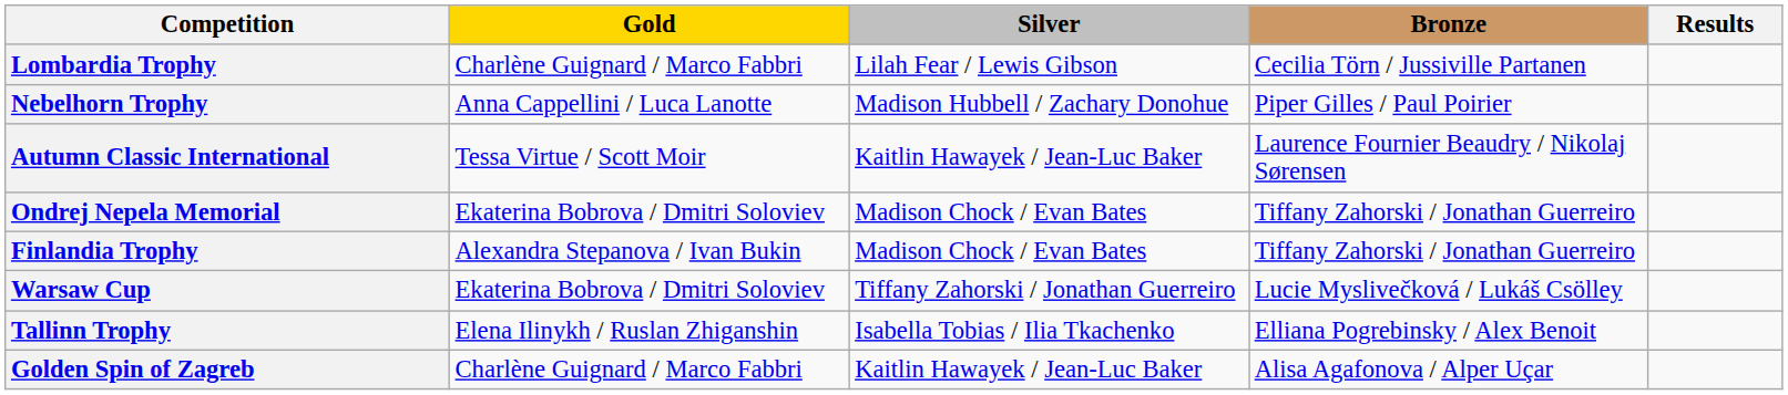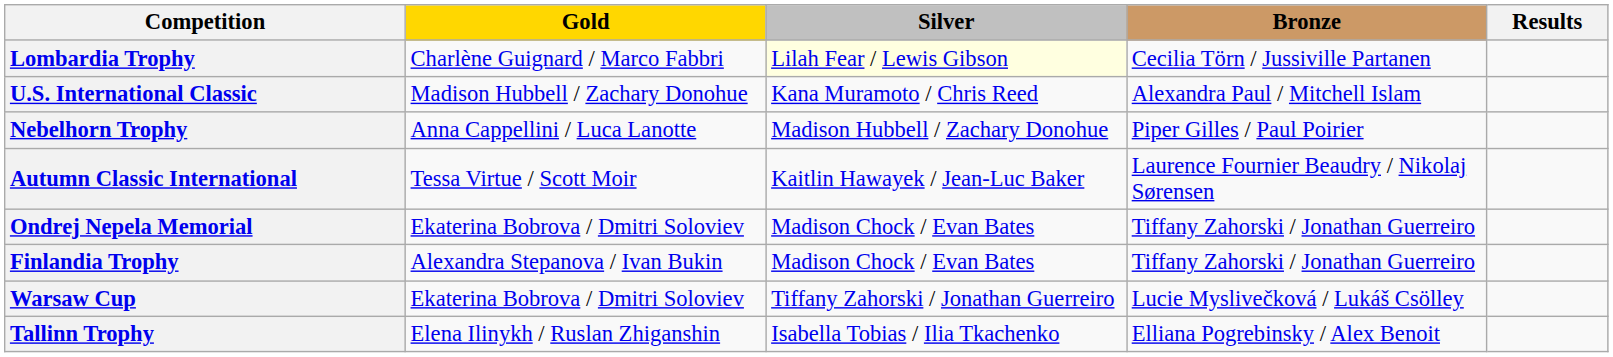 <table class="wikitable unsortable" style="text-align:left; width:90%;">
 <tr>
 <th scope="col" style="text-align:center; width:25%;">Competition</th>
 <td scope="col" style="text-align:center; width:22.5%; background:gold"><strong>Gold</strong></td>
 <td scope="col" style="text-align:center; width:22.5%; background:silver"><strong>Silver</strong></td>
 <td scope="col" style="text-align:center; width:22.5%; background:#c96"><strong>Bronze</strong></td>
 <th scope="col" style="text-align:center; width:7.5%;">Results</th>
 </tr>
 <tr>
 <th scope="row" style="text-align:left"> <a href='#'>Lombardia Trophy</a></th>
 <td> <a href='#'>Charlène Guignard</a> / <a href='#'>Marco Fabbri</a></td>
-<td> <a href='#'>Lilah Fear</a> / <a href='#'>Lewis Gibson</a></td>
+<td style="background: lightyellow;"> <a href='#'>Lilah Fear</a> / <a href='#'>Lewis Gibson</a></td>
 <td> <a href='#'>Cecilia Törn</a> / <a href='#'>Jussiville Partanen</a></td>
+<td></td>
+</tr>
+<tr>
+<th scope="row" style="text-align:left"> <a href='#'>U.S. International Classic</a></th>
+<td> <a href='#'>Madison Hubbell</a> / <a href='#'>Zachary Donohue</a></td>
+<td> <a href='#'>Kana Muramoto</a> / <a href='#'>Chris Reed</a></td>
+<td> <a href='#'>Alexandra Paul</a> / <a href='#'>Mitchell Islam</a></td>
 <td></td>
 </tr>
 <tr>
 <th scope="row" style="text-align:left"> <a href='#'>Nebelhorn Trophy</a></th>
 <td> <a href='#'>Anna Cappellini</a> / <a href='#'>Luca Lanotte</a></td>
 <td> <a href='#'>Madison Hubbell</a> / <a href='#'>Zachary Donohue</a></td>
 <td> <a href='#'>Piper Gilles</a> / <a href='#'>Paul Poirier</a></td>
 <td></td>
 </tr>
 <tr>
 <th scope="row" style="text-align:left"> <a href='#'>Autumn Classic International</a></th>
 <td> <a href='#'>Tessa Virtue</a> / <a href='#'>Scott Moir</a></td>
 <td> <a href='#'>Kaitlin Hawayek</a> / <a href='#'>Jean-Luc Baker</a></td>
 <td> <a href='#'>Laurence Fournier Beaudry</a> / <a href='#'>Nikolaj Sørensen</a></td>
 <td></td>
 </tr>
 <tr>
 <th scope="row" style="text-align:left"> <a href='#'>Ondrej Nepela Memorial</a></th>
 <td> <a href='#'>Ekaterina Bobrova</a> / <a href='#'>Dmitri Soloviev</a></td>
 <td> <a href='#'>Madison Chock</a> / <a href='#'>Evan Bates</a></td>
 <td> <a href='#'>Tiffany Zahorski</a> / <a href='#'>Jonathan Guerreiro</a></td>
 <td></td>
 </tr>
 <tr>
 <th scope="row" style="text-align:left"> <a href='#'>Finlandia Trophy</a></th>
 <td> <a href='#'>Alexandra Stepanova</a> / <a href='#'>Ivan Bukin</a></td>
 <td> <a href='#'>Madison Chock</a> / <a href='#'>Evan Bates</a></td>
 <td> <a href='#'>Tiffany Zahorski</a> / <a href='#'>Jonathan Guerreiro</a></td>
 <td></td>
 </tr>
 <tr>
 <th scope="row" style="text-align:left"> <a href='#'>Warsaw Cup</a></th>
 <td> <a href='#'>Ekaterina Bobrova</a> / <a href='#'>Dmitri Soloviev</a></td>
 <td> <a href='#'>Tiffany Zahorski</a> / <a href='#'>Jonathan Guerreiro</a></td>
 <td> <a href='#'>Lucie Myslivečková</a> / <a href='#'>Lukáš Csölley</a></td>
 <td></td>
 </tr>
 <tr>
 <th scope="row" style="text-align:left"> <a href='#'>Tallinn Trophy</a></th>
 <td> <a href='#'>Elena Ilinykh</a> / <a href='#'>Ruslan Zhiganshin</a></td>
 <td> <a href='#'>Isabella Tobias</a> / <a href='#'>Ilia Tkachenko</a></td>
 <td> <a href='#'>Elliana Pogrebinsky</a> / <a href='#'>Alex Benoit</a></td>
 <td></td>
 </tr>
-<tr>
-<th scope="row" style="text-align:left"> <a href='#'>Golden Spin of Zagreb</a></th>
-<td> <a href='#'>Charlène Guignard</a> / <a href='#'>Marco Fabbri</a></td>
-<td> <a href='#'>Kaitlin Hawayek</a> / <a href='#'>Jean-Luc Baker</a></td>
-<td> <a href='#'>Alisa Agafonova</a> / <a href='#'>Alper Uçar</a></td>
-<td></td>
-</tr>
 </table>
